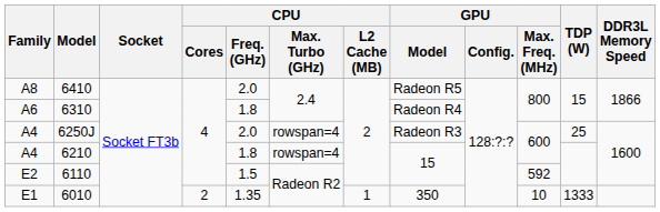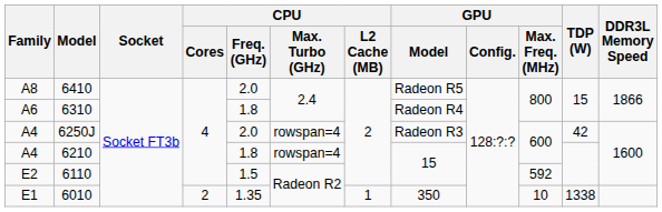 <table class="wikitable" style="text-align:center">
 <tr>
 <th rowspan=2>Family</th>
 <th rowspan=2>Model</th>
 <th rowspan=2>Socket</th>
 <th colspan=4>CPU</th>
 <th colspan=3>GPU</th>
 <th rowspan=2>TDP<br>(W)</th>
 <th rowspan=2>DDR3L<br>Memory<br>Speed</th>
 </tr>
 <tr>
 <th>Cores</th>
 <th>Freq.<br>(GHz)</th>
 <th>Max.<br>Turbo<br>(GHz)</th>
 <th>L2<br>Cache<br>(MB)</th>
 <th>Model</th>
 <th>Config.</th>
 <th>Max.<br>Freq.<br>(MHz)</th>
 </tr>
 <tr>
 <td>A8</td>
 <td>6410</td>
 <td rowspan=6><a href='#'>Socket FT3b</a></td>
 <td rowspan=5>4</td>
 <td>2.0</td>
 <td rowspan=2>2.4</td>
 <td rowspan=5>2</td>
 <td>Radeon R5</td>
 <td rowspan=6>128:?:?</td>
 <td rowspan="2">800</td>
 <td rowspan=2>15</td>
 <td rowspan=2>1866</td>
 </tr>
 <tr>
 <td>A6</td>
 <td>6310</td>
 <td>1.8</td>
 <td>Radeon R4</td>
 </tr>
 <tr>
 <td>A4</td>
 <td>6250J</td>
 <td>2.0</td>
 <td>rowspan=4 </td>
 <td>Radeon R3</td>
 <td rowspan="2">600</td>
-<td>25</td>
+<td>42</td>
 <td rowspan=3>1600</td>
 </tr>
 <tr>
 <td>A4</td>
 <td>6210</td>
 <td>1.8</td>
 <td>rowspan=4 </td>
 <td rowspan="2">15</td>
 </tr>
 <tr>
 <td>E2</td>
 <td>6110</td>
 <td>1.5</td>
 <td rowspan=2>Radeon R2</td>
 <td>592</td>
 </tr>
 <tr>
 <td>E1</td>
 <td>6010</td>
 <td>2</td>
 <td>1.35</td>
 <td>1</td>
 <td>350</td>
 <td>10</td>
-<td>1333</td>
+<td>1338</td>
 </tr>
 </table>
